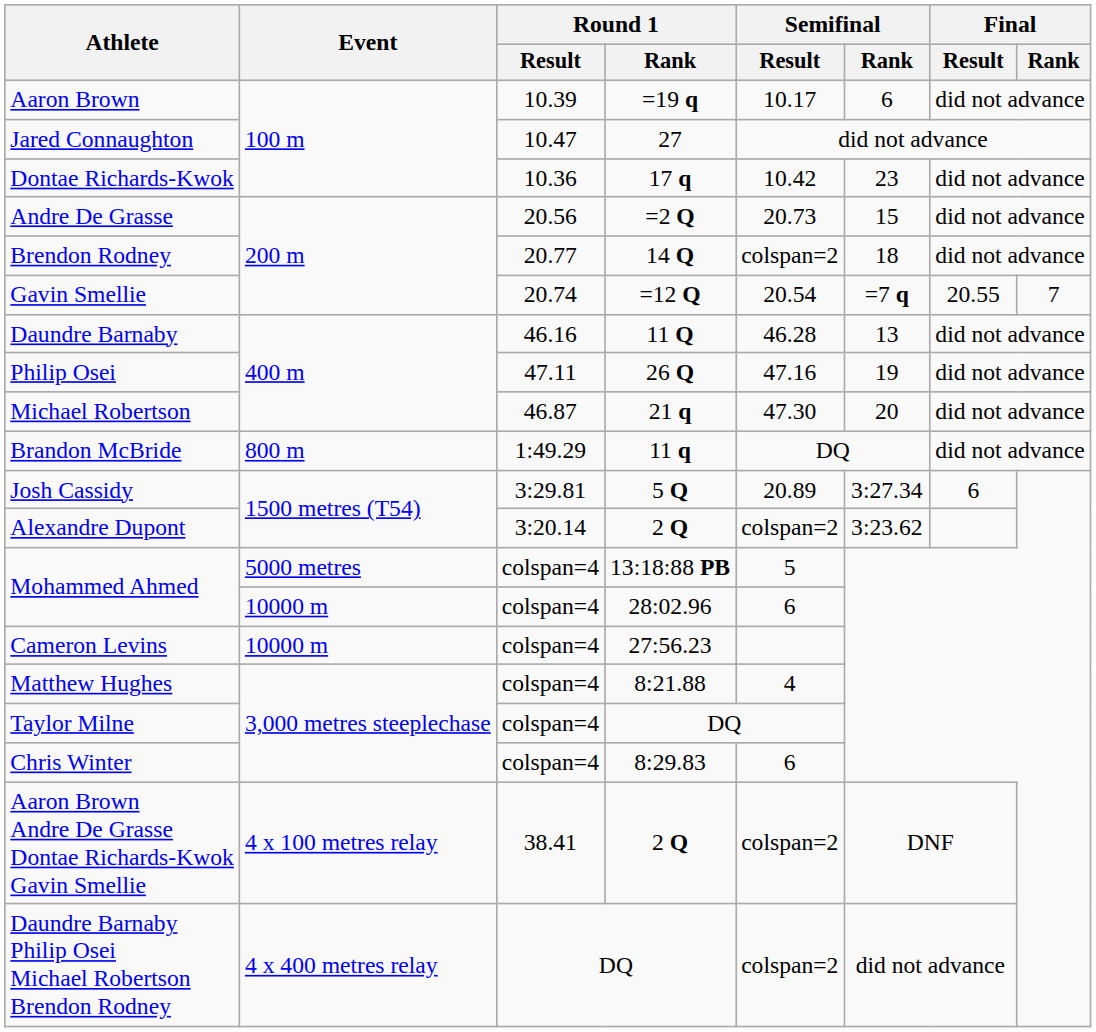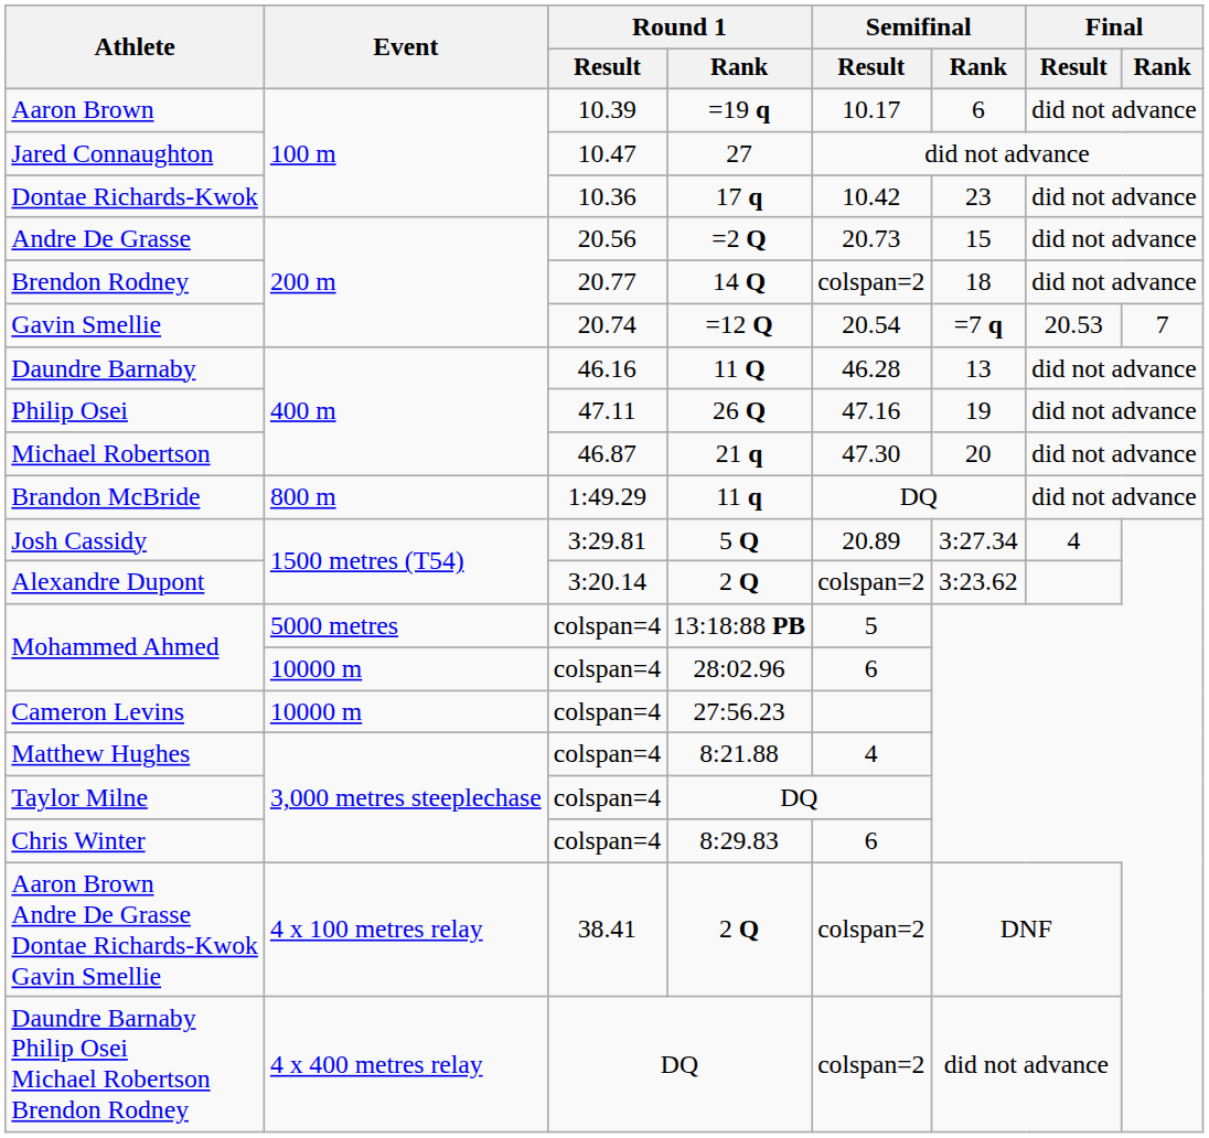 <table class=wikitable style="font-size:90%">
 <tr>
 <th rowspan="2">Athlete</th>
 <th rowspan="2">Event</th>
 <th colspan="2">Round 1</th>
 <th colspan="2">Semifinal</th>
 <th colspan="2">Final</th>
 </tr>
 <tr style="font-size:95%">
 <th>Result</th>
 <th>Rank</th>
 <th>Result</th>
 <th>Rank</th>
 <th>Result</th>
 <th>Rank</th>
 </tr>
 <tr align=center>
 <td align=left><a href='#'>Aaron Brown</a></td>
 <td align=left rowspan="3"><a href='#'>100 m</a></td>
 <td>10.39</td>
 <td>=19 <strong>q</strong></td>
 <td>10.17</td>
 <td>6</td>
 <td colspan="2">did not advance</td>
 </tr>
 <tr align=center>
 <td align=left><a href='#'>Jared Connaughton</a></td>
 <td>10.47</td>
 <td>27</td>
 <td colspan="4">did not advance</td>
 </tr>
 <tr align=center>
 <td align=left><a href='#'>Dontae Richards-Kwok</a></td>
 <td>10.36</td>
 <td>17 <strong>q</strong></td>
 <td>10.42</td>
 <td>23</td>
 <td colspan="2">did not advance</td>
 </tr>
 <tr align=center>
 <td align=left><a href='#'>Andre De Grasse</a></td>
 <td align=left rowspan="3"><a href='#'>200 m</a></td>
 <td>20.56</td>
 <td>=2 <strong>Q</strong></td>
 <td>20.73</td>
 <td>15</td>
 <td colspan="2">did not advance</td>
 </tr>
 <tr align=center>
 <td align=left><a href='#'>Brendon Rodney</a></td>
 <td>20.77</td>
 <td>14 <strong>Q</strong></td>
 <td>colspan=2 </td>
 <td>18</td>
 <td colspan="2">did not advance</td>
 </tr>
 <tr align=center>
 <td align=left><a href='#'>Gavin Smellie</a></td>
 <td>20.74</td>
 <td>=12 <strong>Q</strong></td>
 <td>20.54</td>
 <td>=7 <strong>q</strong></td>
-<td>20.55</td>
+<td>20.53</td>
 <td>7</td>
 </tr>
 <tr align=center>
 <td align=left><a href='#'>Daundre Barnaby</a></td>
 <td align=left rowspan="3"><a href='#'>400 m</a></td>
 <td>46.16</td>
 <td>11 <strong>Q</strong></td>
 <td>46.28</td>
 <td>13</td>
 <td colspan="2">did not advance</td>
 </tr>
 <tr align=center>
 <td align=left><a href='#'>Philip Osei</a></td>
 <td>47.11</td>
 <td>26 <strong>Q</strong></td>
 <td>47.16</td>
 <td>19</td>
 <td colspan="2">did not advance</td>
 </tr>
 <tr align=center>
 <td align=left><a href='#'>Michael Robertson</a></td>
 <td>46.87</td>
 <td>21 <strong>q</strong></td>
 <td>47.30</td>
 <td>20</td>
 <td colspan="2">did not advance</td>
 </tr>
 <tr align=center>
 <td align=left><a href='#'>Brandon McBride</a></td>
 <td align=left><a href='#'>800 m</a></td>
 <td>1:49.29</td>
 <td>11 <strong>q</strong></td>
 <td colspan="2">DQ</td>
 <td colspan="2">did not advance</td>
 </tr>
 <tr align=center>
 <td align=left><a href='#'>Josh Cassidy</a></td>
 <td align=left rowspan="2"><a href='#'>1500 metres (T54)</a></td>
 <td>3:29.81</td>
 <td>5 <strong>Q</strong></td>
 <td>20.89</td>
 <td>3:27.34</td>
-<td>6</td>
+<td>4</td>
 </tr>
 <tr align=center>
 <td align=left><a href='#'>Alexandre Dupont</a></td>
 <td>3:20.14</td>
 <td>2 <strong>Q</strong></td>
 <td>colspan=2 </td>
 <td>3:23.62</td>
 <td></td>
 </tr>
 <tr align=center>
 <td align=left rowspan="2"><a href='#'>Mohammed Ahmed</a></td>
 <td align=left><a href='#'>5000 metres</a></td>
 <td>colspan=4 </td>
 <td>13:18:88 <strong>PB</strong></td>
 <td>5</td>
 </tr>
 <tr align=center>
 <td align=left><a href='#'>10000 m</a></td>
 <td>colspan=4 </td>
 <td>28:02.96</td>
 <td>6</td>
 </tr>
 <tr align=center>
 <td align=left><a href='#'>Cameron Levins</a></td>
 <td align=left><a href='#'>10000 m</a></td>
 <td>colspan=4 </td>
 <td>27:56.23</td>
 <td></td>
 </tr>
 <tr align=center>
 <td align=left><a href='#'>Matthew Hughes</a></td>
 <td align=left rowspan="3"><a href='#'>3,000 metres steeplechase</a></td>
 <td>colspan=4 </td>
 <td>8:21.88</td>
 <td>4</td>
 </tr>
 <tr align=center>
 <td align=left><a href='#'>Taylor Milne</a></td>
 <td>colspan=4 </td>
 <td colspan="2">DQ</td>
 </tr>
 <tr align=center>
 <td align=left><a href='#'>Chris Winter</a></td>
 <td>colspan=4 </td>
 <td>8:29.83</td>
 <td>6</td>
 </tr>
 <tr align=center>
 <td align=left><a href='#'>Aaron Brown</a><br><a href='#'>Andre De Grasse</a><br><a href='#'>Dontae Richards-Kwok</a><br><a href='#'>Gavin Smellie</a></td>
 <td align=left><a href='#'>4 x 100 metres relay</a></td>
 <td>38.41</td>
 <td>2 <strong>Q</strong></td>
 <td>colspan=2 </td>
 <td colspan="2">DNF</td>
 </tr>
 <tr align=center>
 <td align=left><a href='#'>Daundre Barnaby</a><br><a href='#'>Philip Osei</a><br><a href='#'>Michael Robertson</a><br><a href='#'>Brendon Rodney</a></td>
 <td align=left><a href='#'>4 x 400 metres relay</a></td>
 <td colspan="2">DQ</td>
 <td>colspan=2 </td>
 <td colspan="2">did not advance</td>
 </tr>
 </table>
